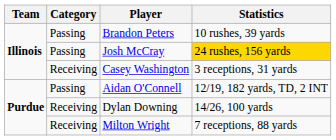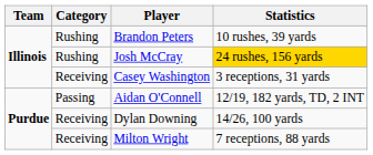 <table class="wikitable" style="float: right;">
 <tr>
 <th>Team</th>
 <th>Category</th>
 <th>Player</th>
 <th>Statistics</th>
 </tr>
 <tr>
 <td rowspan=3><strong>Illinois</strong></td>
-<td>Passing</td>
+<td>Rushing</td>
 <td><a href='#'>Brandon Peters</a></td>
 <td>10 rushes, 39 yards</td>
 </tr>
 <tr>
-<td>Passing</td>
+<td>Rushing</td>
 <td><a href='#'>Josh McCray</a></td>
 <td style="background: gold;">24 rushes, 156 yards</td>
 </tr>
 <tr>
 <td>Receiving</td>
 <td><a href='#'>Casey Washington</a></td>
 <td>3 receptions, 31 yards</td>
 </tr>
 <tr>
 <td rowspan=3><strong>Purdue</strong></td>
 <td>Passing</td>
 <td><a href='#'>Aidan O'Connell</a></td>
 <td>12/19, 182 yards, TD, 2 INT</td>
 </tr>
 <tr>
 <td>Receiving</td>
 <td>Dylan Downing</td>
 <td>14/26, 100 yards</td>
 </tr>
 <tr>
 <td>Receiving</td>
 <td><a href='#'>Milton Wright</a></td>
 <td>7 receptions, 88 yards</td>
 </tr>
 </table>
